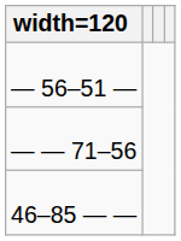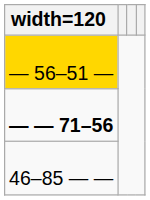 <table class="wikitable" style="text-align:center;">
 <tr>
 <th>width=120 </th>
 <th></th>
 <th></th>
 <th></th>
 </tr>
 <tr>
-<td style="text-align:left;"><br> —  56–51  —</td>
+<td style="background: gold; text-align:left;"><br> —  56–51  —</td>
 </tr>
 <tr>
-<td style="text-align:left;"><br> —  —  71–56</td>
+<td style="text-align:left;"><strong><br> —  —  71–56</strong></td>
 </tr>
 <tr>
 <td style="text-align:left;"><br> 46–85  —  —</td>
 </tr>
 </table>
